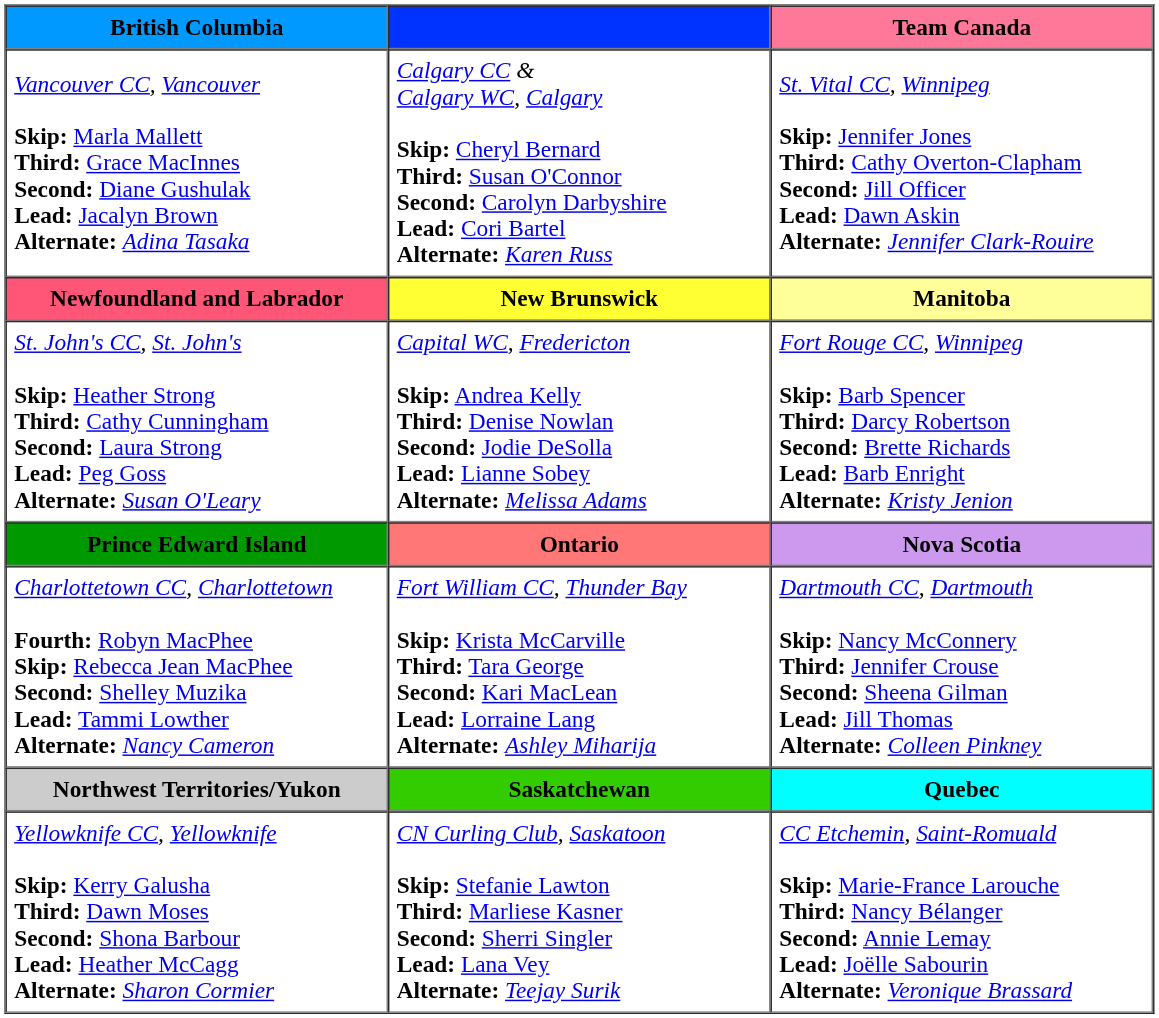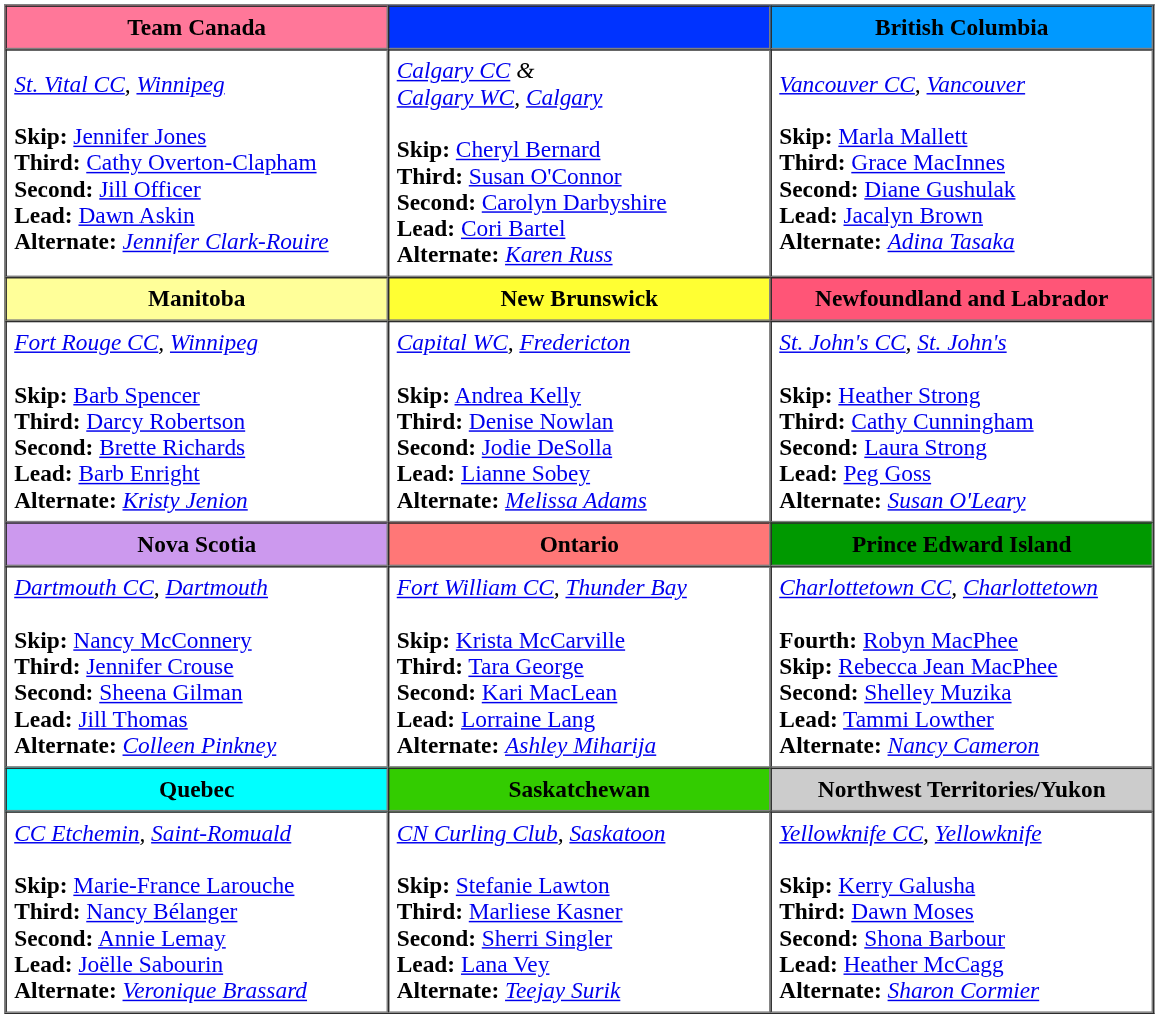 <table border=1 cellpadding=5 cellspacing=0>
 <tr>
+<th bgcolor="#ff7799" width="250">Team Canada</th>
+<th bgcolor="#0033ff" width="250"></th>
 <th bgcolor="#0099ff" width="250">British Columbia</th>
-<th bgcolor="#0033ff" width="250"></th>
-<th bgcolor="#ff7799" width="250">Team Canada</th>
 </tr>
 <tr align=center>
+<td align=left><em><a href='#'>St. Vital CC</a>, <a href='#'>Winnipeg</a></em><br><br><strong>Skip:</strong> <a href='#'>Jennifer Jones</a><br> <strong>Third:</strong> <a href='#'>Cathy Overton-Clapham</a><br> <strong>Second:</strong> <a href='#'>Jill Officer</a><br> <strong>Lead:</strong> <a href='#'>Dawn Askin</a><br> <strong>Alternate:</strong> <em><a href='#'>Jennifer Clark-Rouire</a></em></td>
+<td align=left><em><a href='#'>Calgary CC</a> &<br><a href='#'>Calgary WC</a>, <a href='#'>Calgary</a></em><br><br><strong>Skip:</strong> <a href='#'>Cheryl Bernard</a><br> <strong>Third:</strong> <a href='#'>Susan O'Connor</a><br> <strong>Second:</strong> <a href='#'>Carolyn Darbyshire</a><br> <strong>Lead:</strong> <a href='#'>Cori Bartel</a><br> <strong>Alternate:</strong> <em><a href='#'>Karen Russ</a></em></td>
 <td align=left><em><a href='#'>Vancouver CC</a>, <a href='#'>Vancouver</a></em><br><br><strong>Skip:</strong> <a href='#'>Marla Mallett</a><br> <strong>Third:</strong> <a href='#'>Grace MacInnes</a><br> <strong>Second:</strong> <a href='#'>Diane Gushulak</a><br> <strong>Lead:</strong> <a href='#'>Jacalyn Brown</a><br> <strong>Alternate:</strong> <em><a href='#'>Adina Tasaka</a></em></td>
-<td align=left><em><a href='#'>Calgary CC</a> &<br><a href='#'>Calgary WC</a>, <a href='#'>Calgary</a></em><br><br><strong>Skip:</strong> <a href='#'>Cheryl Bernard</a><br> <strong>Third:</strong> <a href='#'>Susan O'Connor</a><br> <strong>Second:</strong> <a href='#'>Carolyn Darbyshire</a><br> <strong>Lead:</strong> <a href='#'>Cori Bartel</a><br> <strong>Alternate:</strong> <em><a href='#'>Karen Russ</a></em></td>
-<td align=left><em><a href='#'>St. Vital CC</a>, <a href='#'>Winnipeg</a></em><br><br><strong>Skip:</strong> <a href='#'>Jennifer Jones</a><br> <strong>Third:</strong> <a href='#'>Cathy Overton-Clapham</a><br> <strong>Second:</strong> <a href='#'>Jill Officer</a><br> <strong>Lead:</strong> <a href='#'>Dawn Askin</a><br> <strong>Alternate:</strong> <em><a href='#'>Jennifer Clark-Rouire</a></em></td>
 </tr>
 <tr border=1 cellpadding=5 cellspacing=0>
+<th bgcolor="#ffff99" width="200">Manitoba</th>
+<th bgcolor="#ffff33" width="200">New Brunswick</th>
 <th bgcolor="#ff5577" width="200">Newfoundland and Labrador</th>
-<th bgcolor="#ffff33" width="200">New Brunswick</th>
-<th bgcolor="#ffff99" width="200">Manitoba</th>
 </tr>
 <tr align=center>
+<td align=left><em><a href='#'>Fort Rouge CC</a>, <a href='#'>Winnipeg</a></em><br><br><strong>Skip:</strong> <a href='#'>Barb Spencer</a><br> <strong>Third:</strong> <a href='#'>Darcy Robertson</a><br> <strong>Second:</strong> <a href='#'>Brette Richards</a><br> <strong>Lead:</strong> <a href='#'>Barb Enright</a><br> <strong>Alternate:</strong> <em><a href='#'>Kristy Jenion</a></em></td>
+<td align=left><em><a href='#'>Capital WC</a>, <a href='#'>Fredericton</a></em><br><br><strong>Skip:</strong> <a href='#'>Andrea Kelly</a><br> <strong>Third:</strong> <a href='#'>Denise Nowlan</a><br> <strong>Second:</strong> <a href='#'>Jodie DeSolla</a><br> <strong>Lead:</strong> <a href='#'>Lianne Sobey</a><br> <strong>Alternate:</strong> <em><a href='#'>Melissa Adams</a></em></td>
 <td align=left><em><a href='#'>St. John's CC</a>, <a href='#'>St. John's</a></em><br><br><strong>Skip:</strong> <a href='#'>Heather Strong</a><br> <strong>Third:</strong> <a href='#'>Cathy Cunningham</a><br> <strong>Second:</strong> <a href='#'>Laura Strong</a><br> <strong>Lead:</strong> <a href='#'>Peg Goss</a><br> <strong>Alternate:</strong> <em><a href='#'>Susan O'Leary</a></em></td>
-<td align=left><em><a href='#'>Capital WC</a>, <a href='#'>Fredericton</a></em><br><br><strong>Skip:</strong> <a href='#'>Andrea Kelly</a><br> <strong>Third:</strong> <a href='#'>Denise Nowlan</a><br> <strong>Second:</strong> <a href='#'>Jodie DeSolla</a><br> <strong>Lead:</strong> <a href='#'>Lianne Sobey</a><br> <strong>Alternate:</strong> <em><a href='#'>Melissa Adams</a></em></td>
-<td align=left><em><a href='#'>Fort Rouge CC</a>, <a href='#'>Winnipeg</a></em><br><br><strong>Skip:</strong> <a href='#'>Barb Spencer</a><br> <strong>Third:</strong> <a href='#'>Darcy Robertson</a><br> <strong>Second:</strong> <a href='#'>Brette Richards</a><br> <strong>Lead:</strong> <a href='#'>Barb Enright</a><br> <strong>Alternate:</strong> <em><a href='#'>Kristy Jenion</a></em></td>
 </tr>
 <tr border=1 cellpadding=5 cellspacing=0>
+<th bgcolor="#cc99ee" width="200">Nova Scotia</th>
+<th bgcolor="#ff7777" width="200">Ontario</th>
 <th bgcolor="#009900" width="200">Prince Edward Island</th>
-<th bgcolor="#ff7777" width="200">Ontario</th>
-<th bgcolor="#cc99ee" width="200">Nova Scotia</th>
 </tr>
 <tr align=center>
+<td align=left><em><a href='#'>Dartmouth CC</a>, <a href='#'>Dartmouth</a></em><br><br><strong>Skip:</strong> <a href='#'>Nancy McConnery</a><br> <strong>Third:</strong> <a href='#'>Jennifer Crouse</a><br> <strong>Second:</strong> <a href='#'>Sheena Gilman</a><br> <strong>Lead:</strong> <a href='#'>Jill Thomas</a><br> <strong>Alternate:</strong> <em><a href='#'>Colleen Pinkney</a></em></td>
+<td align=left><em><a href='#'>Fort William CC</a>, <a href='#'>Thunder Bay</a></em><br><br><strong>Skip:</strong> <a href='#'>Krista McCarville</a><br> <strong>Third:</strong> <a href='#'>Tara George</a><br> <strong>Second:</strong> <a href='#'>Kari MacLean</a><br> <strong>Lead:</strong> <a href='#'>Lorraine Lang</a><br> <strong>Alternate:</strong> <em><a href='#'>Ashley Miharija</a></em></td>
 <td align=left><em><a href='#'>Charlottetown CC</a>, <a href='#'>Charlottetown</a></em><br><br><strong>Fourth:</strong> <a href='#'>Robyn MacPhee</a><br> <strong>Skip:</strong> <a href='#'>Rebecca Jean MacPhee</a><br> <strong>Second:</strong> <a href='#'>Shelley Muzika</a><br> <strong>Lead:</strong> <a href='#'>Tammi Lowther</a><br> <strong>Alternate:</strong> <em><a href='#'>Nancy Cameron</a></em></td>
-<td align=left><em><a href='#'>Fort William CC</a>, <a href='#'>Thunder Bay</a></em><br><br><strong>Skip:</strong> <a href='#'>Krista McCarville</a><br> <strong>Third:</strong> <a href='#'>Tara George</a><br> <strong>Second:</strong> <a href='#'>Kari MacLean</a><br> <strong>Lead:</strong> <a href='#'>Lorraine Lang</a><br> <strong>Alternate:</strong> <em><a href='#'>Ashley Miharija</a></em></td>
-<td align=left><em><a href='#'>Dartmouth CC</a>, <a href='#'>Dartmouth</a></em><br><br><strong>Skip:</strong> <a href='#'>Nancy McConnery</a><br> <strong>Third:</strong> <a href='#'>Jennifer Crouse</a><br> <strong>Second:</strong> <a href='#'>Sheena Gilman</a><br> <strong>Lead:</strong> <a href='#'>Jill Thomas</a><br> <strong>Alternate:</strong> <em><a href='#'>Colleen Pinkney</a></em></td>
 </tr>
 <tr border=1 cellpadding=5 cellspacing=0>
+<th bgcolor="#00ffff" width="200">Quebec</th>
+<th bgcolor="#33cc00" width="200">Saskatchewan</th>
 <th bgcolor="#cccccc" width="200">Northwest Territories/Yukon</th>
-<th bgcolor="#33cc00" width="200">Saskatchewan</th>
-<th bgcolor="#00ffff" width="200">Quebec</th>
 </tr>
 <tr align=center>
+<td align=left><em><a href='#'>CC Etchemin</a>, <a href='#'>Saint-Romuald</a></em><br><br><strong>Skip:</strong> <a href='#'>Marie-France Larouche</a><br> <strong>Third:</strong> <a href='#'>Nancy Bélanger</a><br> <strong>Second:</strong> <a href='#'>Annie Lemay</a><br>  <strong>Lead:</strong> <a href='#'>Joëlle Sabourin</a><br> <strong>Alternate:</strong> <em><a href='#'>Veronique Brassard</a></em></td>
+<td align=left><em><a href='#'>CN Curling Club</a>, <a href='#'>Saskatoon</a></em><br><br><strong>Skip:</strong> <a href='#'>Stefanie Lawton</a><br> <strong>Third:</strong> <a href='#'>Marliese Kasner</a><br> <strong>Second:</strong> <a href='#'>Sherri Singler</a><br> <strong>Lead:</strong> <a href='#'>Lana Vey</a><br> <strong>Alternate:</strong> <em><a href='#'>Teejay Surik</a></em></td>
 <td align=left><em><a href='#'>Yellowknife CC</a>, <a href='#'>Yellowknife</a></em><br><br><strong>Skip:</strong> <a href='#'>Kerry Galusha</a><br> <strong>Third:</strong> <a href='#'>Dawn Moses</a><br> <strong>Second:</strong> <a href='#'>Shona Barbour</a><br> <strong>Lead:</strong> <a href='#'>Heather McCagg</a><br> <strong>Alternate:</strong> <em><a href='#'>Sharon Cormier</a></em></td>
-<td align=left><em><a href='#'>CN Curling Club</a>, <a href='#'>Saskatoon</a></em><br><br><strong>Skip:</strong> <a href='#'>Stefanie Lawton</a><br> <strong>Third:</strong> <a href='#'>Marliese Kasner</a><br> <strong>Second:</strong> <a href='#'>Sherri Singler</a><br> <strong>Lead:</strong> <a href='#'>Lana Vey</a><br> <strong>Alternate:</strong> <em><a href='#'>Teejay Surik</a></em></td>
-<td align=left><em><a href='#'>CC Etchemin</a>, <a href='#'>Saint-Romuald</a></em><br><br><strong>Skip:</strong> <a href='#'>Marie-France Larouche</a><br> <strong>Third:</strong> <a href='#'>Nancy Bélanger</a><br> <strong>Second:</strong> <a href='#'>Annie Lemay</a><br>  <strong>Lead:</strong> <a href='#'>Joëlle Sabourin</a><br> <strong>Alternate:</strong> <em><a href='#'>Veronique Brassard</a></em></td>
 </tr>
 </table>
